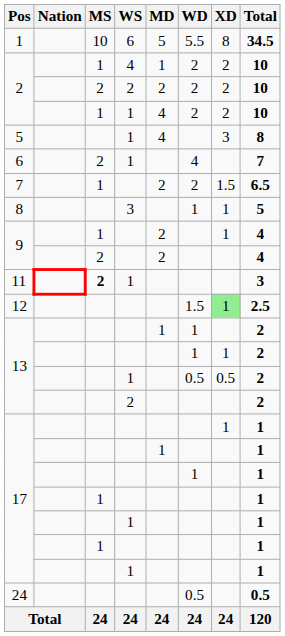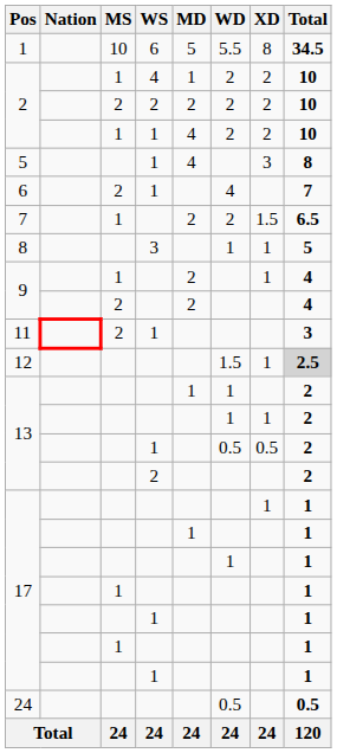 <table class="wikitable" style="text-align:center">
 <tr>
 <th>Pos</th>
 <th>Nation</th>
 <th>MS</th>
 <th>WS</th>
 <th>MD</th>
 <th>WD</th>
 <th>XD</th>
 <th>Total</th>
 </tr>
 <tr>
 <td>1</td>
 <td align="left"></td>
 <td>10</td>
 <td>6</td>
 <td>5</td>
 <td>5.5</td>
 <td>8</td>
 <td><strong>34.5</strong></td>
 </tr>
 <tr>
 <td rowspan="3">2</td>
 <td align="left"></td>
 <td>1</td>
 <td>4</td>
 <td>1</td>
 <td>2</td>
 <td>2</td>
 <td><strong>10</strong></td>
 </tr>
 <tr>
 <td align="left"></td>
 <td>2</td>
 <td>2</td>
 <td>2</td>
 <td>2</td>
 <td>2</td>
 <td><strong>10</strong></td>
 </tr>
 <tr>
 <td align="left"></td>
 <td>1</td>
 <td>1</td>
 <td>4</td>
 <td>2</td>
 <td>2</td>
 <td><strong>10</strong></td>
 </tr>
 <tr>
 <td>5</td>
 <td align="left"></td>
 <td></td>
 <td>1</td>
 <td>4</td>
 <td></td>
 <td>3</td>
 <td><strong>8</strong></td>
 </tr>
 <tr>
 <td>6</td>
 <td align="left"></td>
 <td>2</td>
 <td>1</td>
 <td></td>
 <td>4</td>
 <td></td>
 <td><strong>7</strong></td>
 </tr>
 <tr>
 <td>7</td>
 <td align="left"></td>
 <td>1</td>
 <td></td>
 <td>2</td>
 <td>2</td>
 <td>1.5</td>
 <td><strong>6.5</strong></td>
 </tr>
 <tr>
 <td>8</td>
 <td align="left"></td>
 <td></td>
 <td>3</td>
 <td></td>
 <td>1</td>
 <td>1</td>
 <td><strong>5</strong></td>
 </tr>
 <tr>
 <td rowspan="2">9</td>
 <td align="left"></td>
 <td>1</td>
 <td></td>
 <td>2</td>
 <td></td>
 <td>1</td>
 <td><strong>4</strong></td>
 </tr>
 <tr>
 <td align="left"></td>
 <td>2</td>
 <td></td>
 <td>2</td>
 <td></td>
 <td></td>
 <td><strong>4</strong></td>
 </tr>
 <tr>
 <td>11</td>
 <td align="left" style="border: 3px solid red"><strong></strong></td>
-<td><strong>2</strong></td>
+<td>2</td>
 <td>1</td>
 <td></td>
 <td></td>
 <td></td>
 <td><strong>3</strong></td>
 </tr>
 <tr>
 <td>12</td>
 <td align="left"></td>
 <td></td>
 <td></td>
 <td></td>
 <td>1.5</td>
-<td style="background: lightgreen;">1</td>
-<td><strong>2.5</strong></td>
+<td>1</td>
+<td style="background: lightgrey;"><strong>2.5</strong></td>
 </tr>
 <tr>
 <td rowspan="4">13</td>
 <td align="left"></td>
 <td></td>
 <td></td>
 <td>1</td>
 <td>1</td>
 <td></td>
 <td><strong>2</strong></td>
 </tr>
 <tr>
 <td align="left"></td>
 <td></td>
 <td></td>
 <td></td>
 <td>1</td>
 <td>1</td>
 <td><strong>2</strong></td>
 </tr>
 <tr>
 <td align="left"></td>
 <td></td>
 <td>1</td>
 <td></td>
 <td>0.5</td>
 <td>0.5</td>
 <td><strong>2</strong></td>
 </tr>
 <tr>
 <td align="left"></td>
 <td></td>
 <td>2</td>
 <td></td>
 <td></td>
 <td></td>
 <td><strong>2</strong></td>
 </tr>
 <tr>
 <td rowspan="7">17</td>
 <td align="left"></td>
 <td></td>
 <td></td>
 <td></td>
 <td></td>
 <td>1</td>
 <td><strong>1</strong></td>
 </tr>
 <tr>
 <td align="left"></td>
 <td></td>
 <td></td>
 <td>1</td>
 <td></td>
 <td></td>
 <td><strong>1</strong></td>
 </tr>
 <tr>
 <td align="left"></td>
 <td></td>
 <td></td>
 <td></td>
 <td>1</td>
 <td></td>
 <td><strong>1</strong></td>
 </tr>
 <tr>
 <td align="left"></td>
 <td>1</td>
 <td></td>
 <td></td>
 <td></td>
 <td></td>
 <td><strong>1</strong></td>
 </tr>
 <tr>
 <td align="left"></td>
 <td></td>
 <td>1</td>
 <td></td>
 <td></td>
 <td></td>
 <td><strong>1</strong></td>
 </tr>
 <tr>
 <td align="left"></td>
 <td>1</td>
 <td></td>
 <td></td>
 <td></td>
 <td></td>
 <td><strong>1</strong></td>
 </tr>
 <tr>
 <td align="left"></td>
 <td></td>
 <td>1</td>
 <td></td>
 <td></td>
 <td></td>
 <td><strong>1</strong></td>
 </tr>
 <tr>
 <td>24</td>
 <td align="left"></td>
 <td></td>
 <td></td>
 <td></td>
 <td>0.5</td>
 <td></td>
 <td><strong>0.5</strong></td>
 </tr>
 <tr>
 <th colspan="2">Total</th>
 <th>24</th>
 <th>24</th>
 <th>24</th>
 <th>24</th>
 <th>24</th>
 <th>120</th>
 </tr>
 </table>
